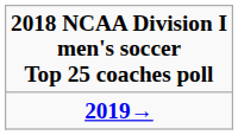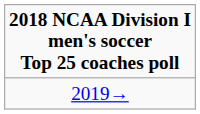 <table class="wikitable" style="text-align: center;">
 <tr>
 <td><strong>2018 NCAA Division I<br>men's soccer<br>Top 25 coaches poll</strong></td>
 </tr>
 <tr>
-<td><strong><a href='#'>2019→</a></strong></td>
+<td><a href='#'>2019→</a></td>
 </tr>
 </table>
